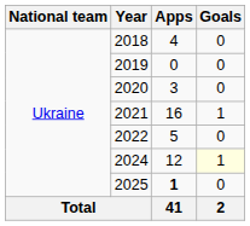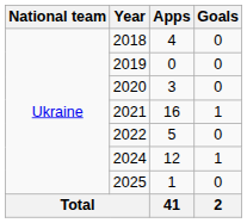 <table class="wikitable" style="text-align:center">
 <tr>
 <th>National team</th>
 <th>Year</th>
 <th>Apps</th>
 <th>Goals</th>
 </tr>
 <tr>
 <td rowspan="7"><a href='#'>Ukraine</a></td>
 <td>2018</td>
 <td>4</td>
 <td>0</td>
 </tr>
 <tr>
 <td>2019</td>
 <td>0</td>
 <td>0</td>
 </tr>
 <tr>
 <td>2020</td>
 <td>3</td>
 <td>0</td>
 </tr>
 <tr>
 <td>2021</td>
 <td>16</td>
 <td>1</td>
 </tr>
 <tr>
 <td>2022</td>
 <td>5</td>
 <td>0</td>
 </tr>
 <tr>
 <td>2024</td>
 <td>12</td>
-<td style="background: lightyellow;">1</td>
+<td>1</td>
 </tr>
 <tr>
 <td>2025</td>
-<td><strong>1</strong></td>
+<td>1</td>
 <td>0</td>
 </tr>
 <tr>
 <th colspan="2">Total</th>
 <th>41</th>
 <th>2</th>
 </tr>
 </table>
